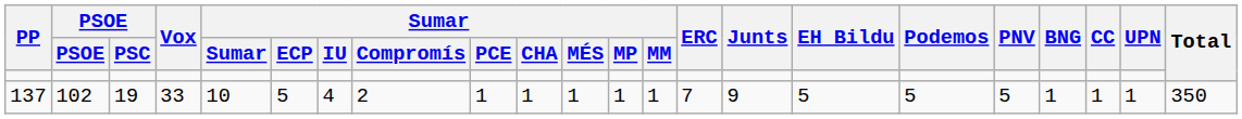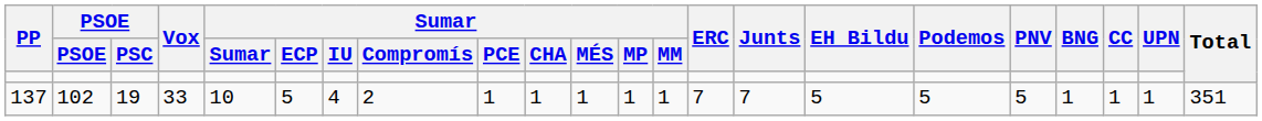 <table class="wikitable">
 <tr>
 <th rowspan="2"><a href='#'>PP</a></th>
 <th colspan="2"><a href='#'>PSOE</a></th>
 <th rowspan="2"><a href='#'>Vox</a></th>
 <th colspan="9"><a href='#'>Sumar</a></th>
 <th rowspan="2"><a href='#'>ERC</a></th>
 <th rowspan="2"><a href='#'>Junts</a></th>
 <th rowspan="2"><a href='#'>EH Bildu</a></th>
 <th rowspan="2"><a href='#'>Podemos</a></th>
 <th rowspan="2"><a href='#'>PNV</a></th>
 <th rowspan="2"><a href='#'>BNG</a></th>
 <th rowspan="2"><a href='#'>CC</a></th>
 <th rowspan="2"><a href='#'>UPN</a></th>
 <th rowspan="3">Total</th>
 </tr>
 <tr>
 <th><a href='#'>PSOE</a></th>
 <th><a href='#'>PSC</a></th>
 <th><a href='#'>Sumar</a></th>
 <th><a href='#'>ECP</a></th>
 <th><a href='#'>IU</a></th>
 <th><a href='#'>Compromís</a></th>
 <th><a href='#'>PCE</a></th>
 <th><a href='#'>CHA</a></th>
 <th><a href='#'>MÉS</a></th>
 <th><a href='#'>MP</a></th>
 <th><a href='#'>MM</a></th>
 </tr>
 <tr>
 <td></td>
 <td></td>
 <td></td>
 <td></td>
 <td></td>
 <td></td>
 <td></td>
 <td></td>
 <td></td>
 <td></td>
 <td></td>
 <td></td>
 <td></td>
 <td></td>
 <td></td>
 <td></td>
 <td></td>
 <td></td>
 <td></td>
 <td></td>
 <td></td>
 </tr>
 <tr>
 <td>137</td>
 <td>102</td>
 <td>19</td>
 <td>33</td>
 <td>10</td>
 <td>5</td>
 <td>4</td>
 <td>2</td>
 <td>1</td>
 <td>1</td>
 <td>1</td>
 <td>1</td>
 <td>1</td>
 <td>7</td>
-<td>9</td>
+<td>7</td>
 <td>5</td>
 <td>5</td>
 <td>5</td>
 <td>1</td>
 <td>1</td>
 <td>1</td>
-<td>350</td>
+<td>351</td>
 </tr>
 </table>
